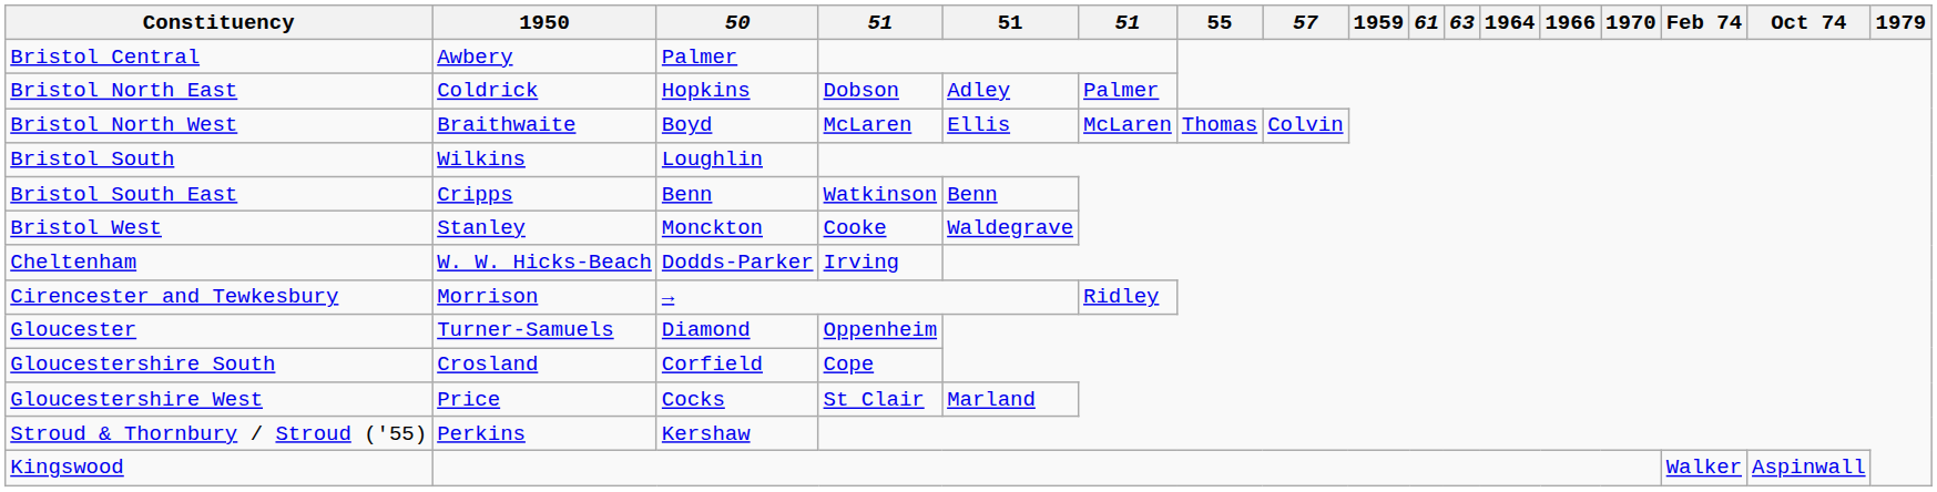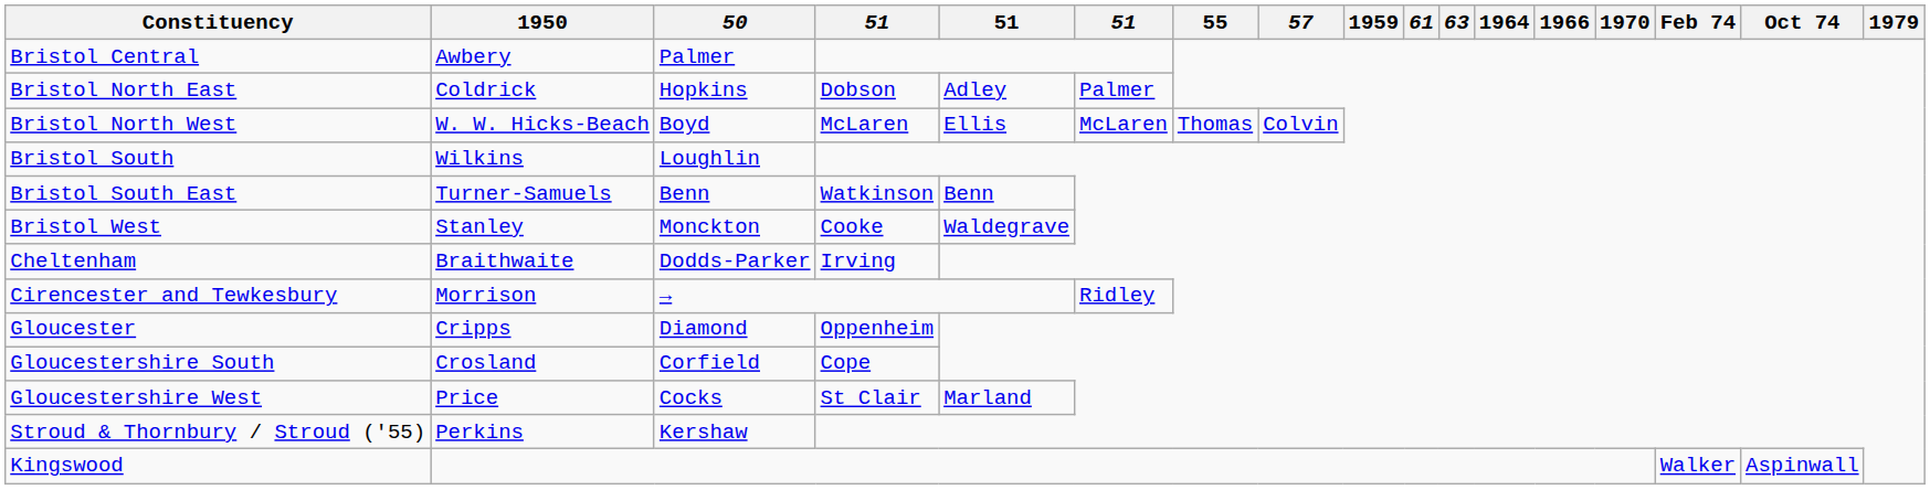 <table class="wikitable">
 <tr>
 <th>Constituency</th>
 <th>1950</th>
 <th><em>50</em></th>
 <th><em>51</em></th>
 <th>51</th>
 <th><em>51</em></th>
 <th>55</th>
 <th><em>57</em></th>
 <th>1959</th>
 <th><em>61</em></th>
 <th><em>63</em></th>
 <th>1964</th>
 <th>1966</th>
 <th>1970</th>
 <th>Feb 74</th>
 <th>Oct 74</th>
 <th>1979</th>
 </tr>
 <tr>
 <td><a href='#'>Bristol Central</a></td>
 <td><a href='#'>Awbery</a></td>
 <td><a href='#'>Palmer</a></td>
 <td colspan="3"></td>
 </tr>
 <tr>
 <td><a href='#'>Bristol North East</a></td>
 <td><a href='#'>Coldrick</a></td>
 <td><a href='#'>Hopkins</a></td>
 <td><a href='#'>Dobson</a></td>
 <td><a href='#'>Adley</a></td>
 <td><a href='#'>Palmer</a></td>
 </tr>
 <tr>
 <td><a href='#'>Bristol North West</a></td>
-<td><a href='#'>Braithwaite</a></td>
+<td><a href='#'>W. W. Hicks-Beach</a></td>
 <td><a href='#'>Boyd</a></td>
 <td><a href='#'>McLaren</a></td>
 <td><a href='#'>Ellis</a></td>
 <td><a href='#'>McLaren</a></td>
 <td><a href='#'>Thomas</a></td>
 <td><a href='#'>Colvin</a></td>
 </tr>
 <tr>
 <td><a href='#'>Bristol South</a></td>
 <td><a href='#'>Wilkins</a></td>
 <td><a href='#'>Loughlin</a></td>
 </tr>
 <tr>
 <td><a href='#'>Bristol South East</a></td>
-<td><a href='#'>Cripps</a></td>
+<td><a href='#'>Turner-Samuels</a></td>
 <td><a href='#'>Benn</a></td>
 <td><a href='#'>Watkinson</a></td>
 <td><a href='#'>Benn</a></td>
 </tr>
 <tr>
 <td><a href='#'>Bristol West</a></td>
 <td><a href='#'>Stanley</a></td>
 <td><a href='#'>Monckton</a></td>
 <td><a href='#'>Cooke</a></td>
 <td><a href='#'>Waldegrave</a></td>
 </tr>
 <tr>
 <td><a href='#'>Cheltenham</a></td>
-<td><a href='#'>W. W. Hicks-Beach</a></td>
+<td><a href='#'>Braithwaite</a></td>
 <td><a href='#'>Dodds-Parker</a></td>
 <td><a href='#'>Irving</a></td>
 </tr>
 <tr>
 <td><a href='#'>Cirencester and Tewkesbury</a></td>
 <td><a href='#'>Morrison</a></td>
 <td colspan="3"><a href='#'>→</a></td>
 <td><a href='#'>Ridley</a></td>
 </tr>
 <tr>
 <td><a href='#'>Gloucester</a></td>
-<td><a href='#'>Turner-Samuels</a></td>
+<td><a href='#'>Cripps</a></td>
 <td><a href='#'>Diamond</a></td>
 <td><a href='#'>Oppenheim</a></td>
 </tr>
 <tr>
 <td><a href='#'>Gloucestershire South</a></td>
 <td><a href='#'>Crosland</a></td>
 <td><a href='#'>Corfield</a></td>
 <td><a href='#'>Cope</a></td>
 </tr>
 <tr>
 <td><a href='#'>Gloucestershire West</a></td>
 <td><a href='#'>Price</a></td>
 <td><a href='#'>Cocks</a></td>
 <td><a href='#'>St Clair</a></td>
 <td><a href='#'>Marland</a></td>
 </tr>
 <tr>
 <td><a href='#'>Stroud & Thornbury</a> / <a href='#'>Stroud</a> ('55)</td>
 <td><a href='#'>Perkins</a></td>
 <td><a href='#'>Kershaw</a></td>
 </tr>
 <tr>
 <td><a href='#'>Kingswood</a></td>
 <td colspan="13"></td>
 <td><a href='#'>Walker</a></td>
 <td><a href='#'>Aspinwall</a></td>
 </tr>
 </table>
